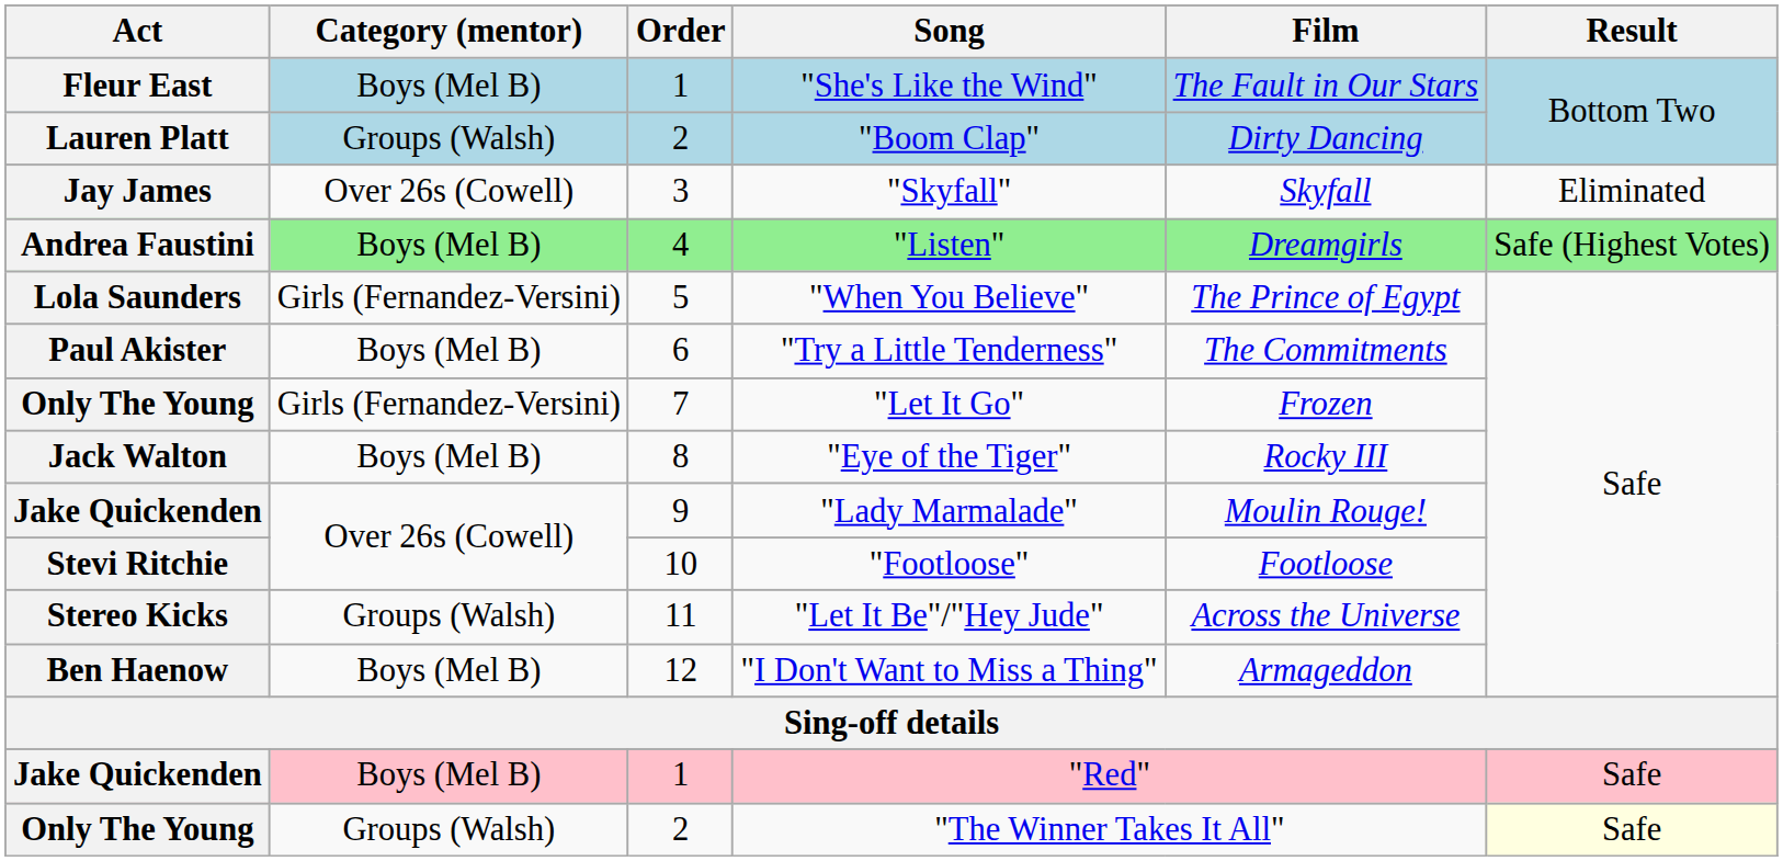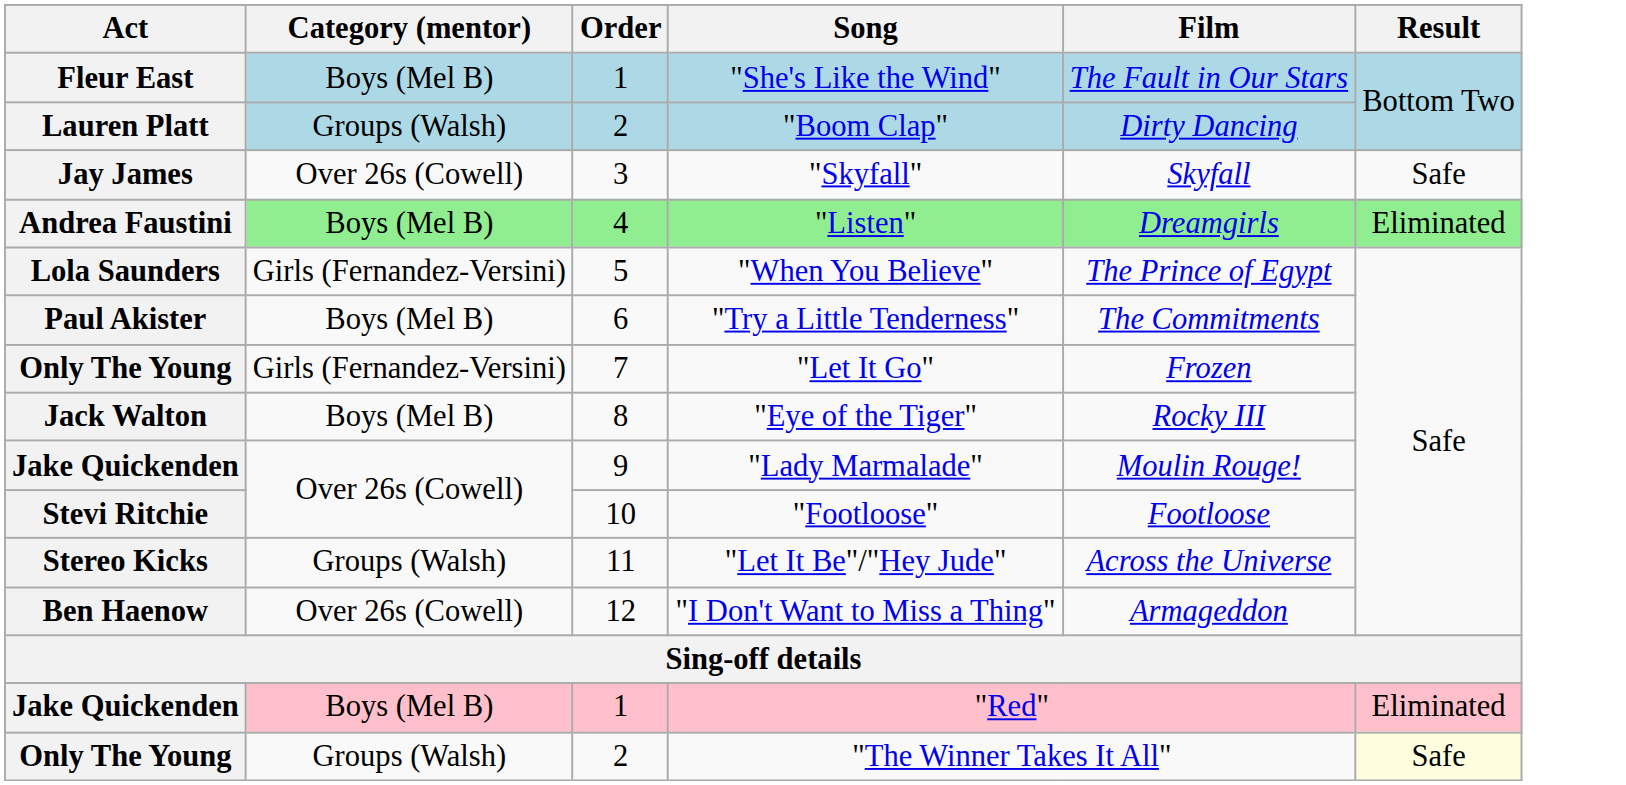 <table class="wikitable plainrowheaders" style="text-align:center;">
 <tr>
 <th scope="col">Act</th>
 <th scope="col">Category (mentor)</th>
 <th scope="col">Order</th>
 <th scope="col">Song</th>
 <th scope="col">Film</th>
 <th scope="col">Result</th>
 </tr>
 <tr style="background:lightblue;">
 <th scope="row">Fleur East</th>
 <td>Boys (Mel B)</td>
 <td>1</td>
 <td>"<a href='#'>She's Like the Wind</a>"</td>
 <td><em><a href='#'>The Fault in Our Stars</a></em></td>
 <td rowspan=2>Bottom Two</td>
 </tr>
 <tr style="background:lightblue;">
 <th scope="row">Lauren Platt</th>
 <td>Groups (Walsh)</td>
 <td>2</td>
 <td>"<a href='#'>Boom Clap</a>"</td>
 <td><em><a href='#'>Dirty Dancing</a></em></td>
 </tr>
 <tr>
 <th scope="row">Jay James</th>
 <td>Over 26s (Cowell)</td>
 <td>3</td>
 <td>"<a href='#'>Skyfall</a>"</td>
 <td><em><a href='#'>Skyfall</a></em></td>
-<td>Eliminated</td>
+<td>Safe</td>
 </tr>
 <tr style="background:lightgreen;">
 <th scope="row">Andrea Faustini</th>
 <td>Boys (Mel B)</td>
 <td>4</td>
 <td>"<a href='#'>Listen</a>"</td>
 <td><em><a href='#'>Dreamgirls</a></em></td>
-<td>Safe (Highest Votes)</td>
+<td>Eliminated</td>
 </tr>
 <tr>
 <th scope="row">Lola Saunders</th>
 <td>Girls (Fernandez-Versini)</td>
 <td>5</td>
 <td>"<a href='#'>When You Believe</a>"</td>
 <td><em><a href='#'>The Prince of Egypt</a></em></td>
 <td rowspan=8>Safe</td>
 </tr>
 <tr>
 <th scope="row">Paul Akister</th>
 <td>Boys (Mel B)</td>
 <td>6</td>
 <td>"<a href='#'>Try a Little Tenderness</a>"</td>
 <td><em><a href='#'>The Commitments</a></em></td>
 </tr>
 <tr>
 <th scope="row">Only The Young</th>
 <td>Girls (Fernandez-Versini)</td>
 <td>7</td>
 <td>"<a href='#'>Let It Go</a>"</td>
 <td><em><a href='#'>Frozen</a></em></td>
 </tr>
 <tr>
 <th scope="row">Jack Walton</th>
 <td>Boys (Mel B)</td>
 <td>8</td>
 <td>"<a href='#'>Eye of the Tiger</a>"</td>
 <td><em><a href='#'>Rocky III</a></em></td>
 </tr>
 <tr>
 <th scope="row">Jake Quickenden</th>
 <td rowspan="2">Over 26s (Cowell)</td>
 <td>9</td>
 <td>"<a href='#'>Lady Marmalade</a>"</td>
 <td><em><a href='#'>Moulin Rouge!</a></em></td>
 </tr>
 <tr>
 <th scope="row">Stevi Ritchie</th>
 <td>10</td>
 <td>"<a href='#'>Footloose</a>"</td>
 <td><em><a href='#'>Footloose</a></em></td>
 </tr>
 <tr>
 <th scope="row">Stereo Kicks</th>
 <td>Groups (Walsh)</td>
 <td>11</td>
 <td>"<a href='#'>Let It Be</a>"/"<a href='#'>Hey Jude</a>"</td>
 <td><em><a href='#'>Across the Universe</a></em></td>
 </tr>
 <tr>
 <th scope="row">Ben Haenow</th>
-<td>Boys (Mel B)</td>
+<td>Over 26s (Cowell)</td>
 <td>12</td>
 <td>"<a href='#'>I Don't Want to Miss a Thing</a>"</td>
 <td><em><a href='#'>Armageddon</a></em></td>
 </tr>
 <tr>
 <th colspan=6>Sing-off details</th>
 </tr>
 <tr style="background:pink;">
 <th scope="row">Jake Quickenden</th>
 <td>Boys (Mel B)</td>
 <td>1</td>
 <td colspan=2>"<a href='#'>Red</a>"</td>
-<td>Safe</td>
+<td>Eliminated</td>
 </tr>
 <tr>
 <th scope="row">Only The Young</th>
 <td>Groups (Walsh)</td>
 <td>2</td>
 <td colspan=2>"<a href='#'>The Winner Takes It All</a>"</td>
 <td style="background: lightyellow;">Safe</td>
 </tr>
 </table>
